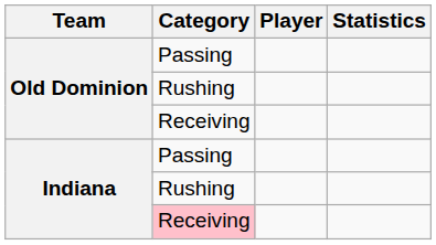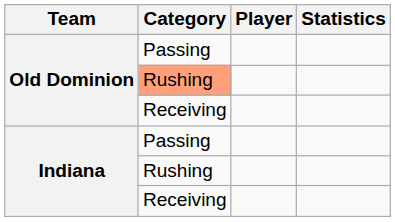 <table class="wikitable" style="float:right">
 <tr>
 <th>Team</th>
 <th>Category</th>
 <th>Player</th>
 <th>Statistics</th>
 </tr>
 <tr>
 <th rowspan=3>Old Dominion</th>
 <td>Passing</td>
 <td></td>
 <td></td>
 </tr>
 <tr>
-<td>Rushing</td>
+<td style="background: lightsalmon;">Rushing</td>
 <td></td>
 <td></td>
 </tr>
 <tr>
 <td>Receiving</td>
 <td></td>
 <td></td>
 </tr>
 <tr>
 <th rowspan=3>Indiana</th>
 <td>Passing</td>
 <td></td>
 <td></td>
 </tr>
 <tr>
 <td>Rushing</td>
 <td></td>
 <td></td>
 </tr>
 <tr>
-<td style="background: pink;">Receiving</td>
+<td>Receiving</td>
 <td></td>
 <td></td>
 </tr>
 </table>
